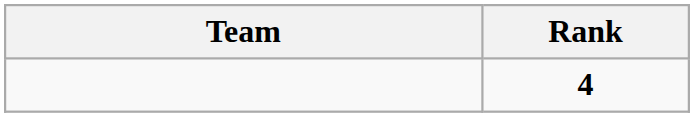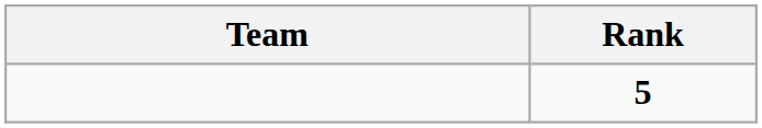 <table class="wikitable" width="35%" style="text-align:left; font-size:90%">
 <tr>
 <th width="13%">Team</th>
 <th width="4%">Rank</th>
 </tr>
 <tr>
 <td></td>
-<td align=center><strong>4</strong></td>
+<td align=center><strong>5</strong></td>
 </tr>
 </table>
